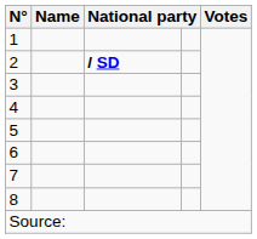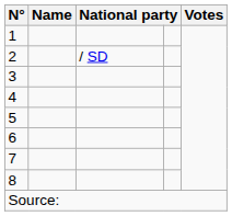 <table class="wikitable sortable" style="font-size:95%;line-height:14px;">
 <tr>
 <th>N°</th>
 <th>Name</th>
 <th colspan="2">National party</th>
 <th>Votes</th>
 </tr>
 <tr>
 <td>1</td>
 <td></td>
 <td></td>
 <td></td>
 </tr>
 <tr>
 <td>2</td>
 <td></td>
-<td><strong> / <a href='#'>SD</a></strong></td>
+<td> / <a href='#'>SD</a></td>
 <td></td>
 </tr>
 <tr>
 <td>3</td>
 <td></td>
 <td></td>
 <td></td>
 </tr>
 <tr>
 <td>4</td>
 <td></td>
 <td></td>
 <td></td>
 </tr>
 <tr>
 <td>5</td>
 <td></td>
 <td></td>
 <td></td>
 </tr>
 <tr>
 <td>6</td>
 <td></td>
 <td></td>
 <td></td>
 </tr>
 <tr>
 <td>7</td>
 <td></td>
 <td></td>
 <td></td>
 </tr>
 <tr>
 <td>8</td>
 <td></td>
 <td></td>
 <td></td>
 </tr>
 <tr>
 <td colspan="5">Source: </td>
 </tr>
 </table>
